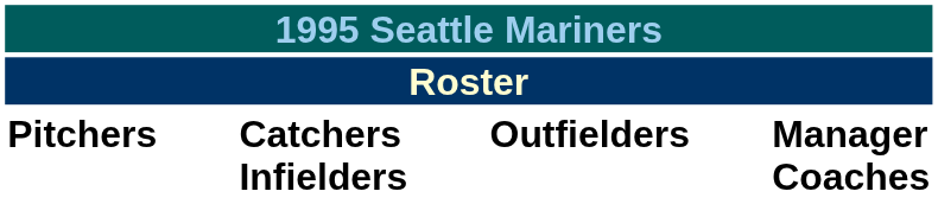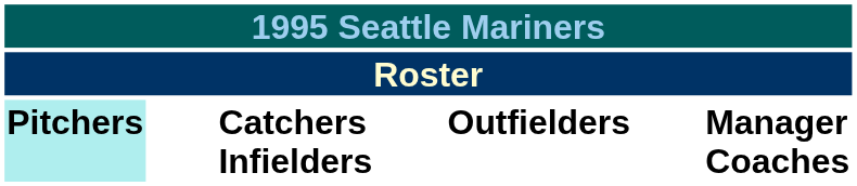 <table class="toccolours" style="font-size: 95%;">
 <tr>
 <th colspan="10" style="background-color: #005c5c; color:#9ECEEE; text-align: center;">1995 Seattle Mariners</th>
 </tr>
 <tr>
 <td colspan="10" style="background-color: #003366; color: #FFFDD0; text-align: center;"><strong>Roster</strong></td>
 </tr>
 <tr>
-<td valign="top"><strong>Pitchers</strong><br>                       </td>
+<td valign="top" style="background: paleturquoise;"><strong>Pitchers</strong><br>                       </td>
 <td width="25px"></td>
 <td valign="top"><strong>Catchers</strong><br>   <strong>Infielders</strong>          </td>
 <td width="25px"></td>
 <td valign="top"><strong>Outfielders</strong><br>        </td>
 <td width="25px"></td>
 <td valign="top"><strong>Manager</strong><br> <strong>Coaches</strong>      </td>
 </tr>
 </table>
